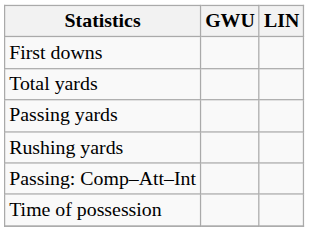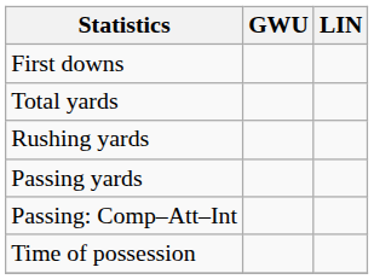 <table class="wikitable" style="float: left;">
 <tr>
 <th>Statistics</th>
 <th>GWU</th>
 <th>LIN</th>
 </tr>
 <tr>
 <td>First downs</td>
 <td></td>
 <td></td>
 </tr>
 <tr>
 <td>Total yards</td>
 <td></td>
 <td></td>
 </tr>
 <tr>
-<td>Passing yards</td>
+<td>Rushing yards</td>
 <td></td>
 <td></td>
 </tr>
 <tr>
-<td>Rushing yards</td>
+<td>Passing yards</td>
 <td></td>
 <td></td>
 </tr>
 <tr>
 <td>Passing: Comp–Att–Int</td>
 <td></td>
 <td></td>
 </tr>
 <tr>
 <td>Time of possession</td>
 <td></td>
 <td></td>
 </tr>
 <tr>
 </tr>
 </table>
